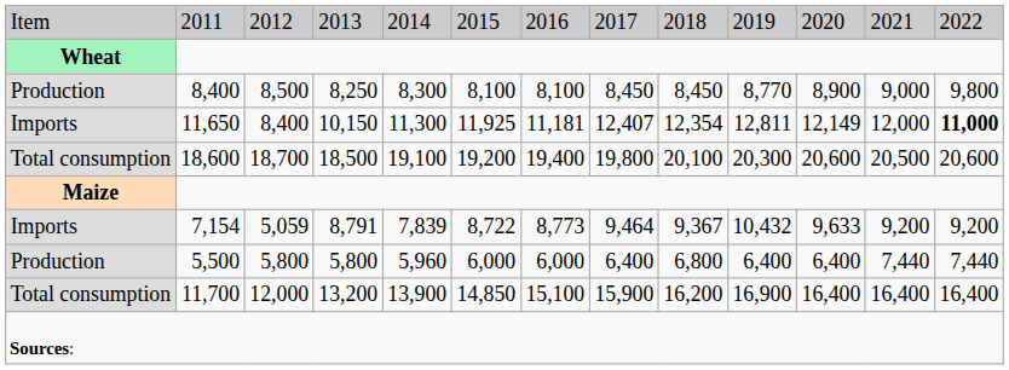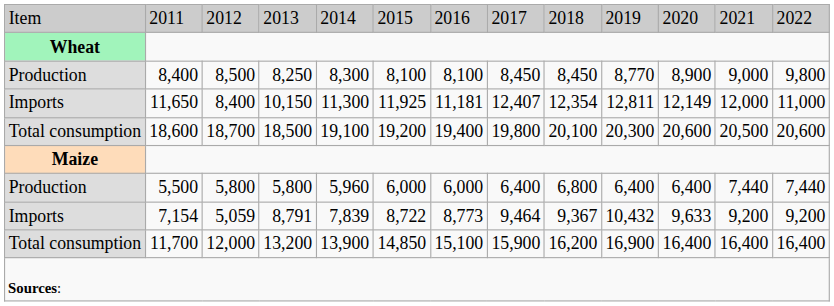 <table class="wikitable">
 <tr style="background:#ccc;">
 <td>Item</td>
 <td>2011</td>
 <td>2012</td>
 <td>2013</td>
 <td>2014</td>
 <td>2015</td>
 <td>2016</td>
 <td>2017</td>
 <td>2018</td>
 <td>2019</td>
 <td>2020</td>
 <td>2021</td>
 <td>2022</td>
 </tr>
 <tr style="text-align:right;">
 <td style="background:#a1f4bb; text-align:center;"><strong>Wheat</strong></td>
 <td colspan="12"></td>
 </tr>
 <tr style="text-align:right;">
 <td style="background:#ddd; text-align:left;">Production</td>
 <td>8,400</td>
 <td>8,500</td>
 <td>8,250</td>
 <td>8,300</td>
 <td>8,100</td>
 <td>8,100</td>
 <td>8,450</td>
 <td>8,450</td>
 <td>8,770</td>
 <td>8,900</td>
 <td>9,000</td>
 <td>9,800</td>
 </tr>
 <tr style="text-align:right;">
 <td style="background:#ddd; text-align:left;">Imports</td>
 <td>11,650</td>
 <td>8,400</td>
 <td>10,150</td>
 <td>11,300</td>
 <td>11,925</td>
 <td>11,181</td>
 <td>12,407</td>
 <td>12,354</td>
 <td>12,811</td>
 <td>12,149</td>
 <td>12,000</td>
-<td><strong>11,000</strong></td>
+<td>11,000</td>
 </tr>
 <tr style="text-align:right;">
 <td style="background:#ddd; text-align:left;">Total consumption</td>
 <td>18,600</td>
 <td>18,700</td>
 <td>18,500</td>
 <td>19,100</td>
 <td>19,200</td>
 <td>19,400</td>
 <td>19,800</td>
 <td>20,100</td>
 <td>20,300</td>
 <td>20,600</td>
 <td>20,500</td>
 <td>20,600</td>
 </tr>
 <tr style="text-align:right;">
 <td style="background:#fedcba; text-align:center;"><strong>Maize</strong></td>
 <td colspan="12"></td>
 </tr>
 <tr style="text-align:right;">
+<td style="background:#ddd; text-align:left;">Production</td>
+<td>5,500</td>
+<td>5,800</td>
+<td>5,800</td>
+<td>5,960</td>
+<td>6,000</td>
+<td>6,000</td>
+<td>6,400</td>
+<td>6,800</td>
+<td>6,400</td>
+<td>6,400</td>
+<td>7,440</td>
+<td>7,440</td>
+</tr>
+<tr style="text-align:right;">
 <td style="background:#ddd; text-align:left;">Imports</td>
 <td>7,154</td>
 <td>5,059</td>
 <td>8,791</td>
 <td>7,839</td>
 <td>8,722</td>
 <td>8,773</td>
 <td>9,464</td>
 <td>9,367</td>
 <td>10,432</td>
 <td>9,633</td>
 <td>9,200</td>
 <td>9,200</td>
-</tr>
-<tr style="text-align:right;">
-<td style="background:#ddd; text-align:left;">Production</td>
-<td>5,500</td>
-<td>5,800</td>
-<td>5,800</td>
-<td>5,960</td>
-<td>6,000</td>
-<td>6,000</td>
-<td>6,400</td>
-<td>6,800</td>
-<td>6,400</td>
-<td>6,400</td>
-<td>7,440</td>
-<td>7,440</td>
 </tr>
 <tr style="text-align:right;">
 <td style="background:#ddd; text-align:left;">Total consumption</td>
 <td>11,700</td>
 <td>12,000</td>
 <td>13,200</td>
 <td>13,900</td>
 <td>14,850</td>
 <td>15,100</td>
 <td>15,900</td>
 <td>16,200</td>
 <td>16,900</td>
 <td>16,400</td>
 <td>16,400</td>
 <td>16,400</td>
 </tr>
 <tr style="font-size:smaller; text-align:left;">
 <td colspan="13"><br><strong>Sources</strong>:      </td>
 </tr>
 </table>
